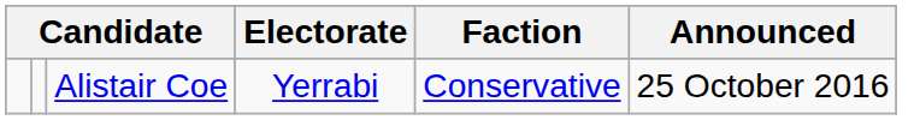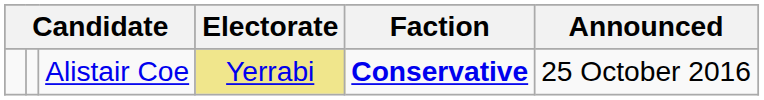 <table class="wikitable" style="text-align:center">
 <tr>
 <th colspan=3>Candidate</th>
 <th>Electorate</th>
 <th>Faction</th>
 <th>Announced</th>
 </tr>
 <tr>
 <td width="3pt" > </td>
 <td></td>
 <td><a href='#'>Alistair Coe</a></td>
-<td><a href='#'>Yerrabi</a></td>
-<td><a href='#'>Conservative</a></td>
+<td style="background: khaki;"><a href='#'>Yerrabi</a></td>
+<td><strong><a href='#'>Conservative</a></strong></td>
 <td>25 October 2016</td>
 </tr>
 </table>
